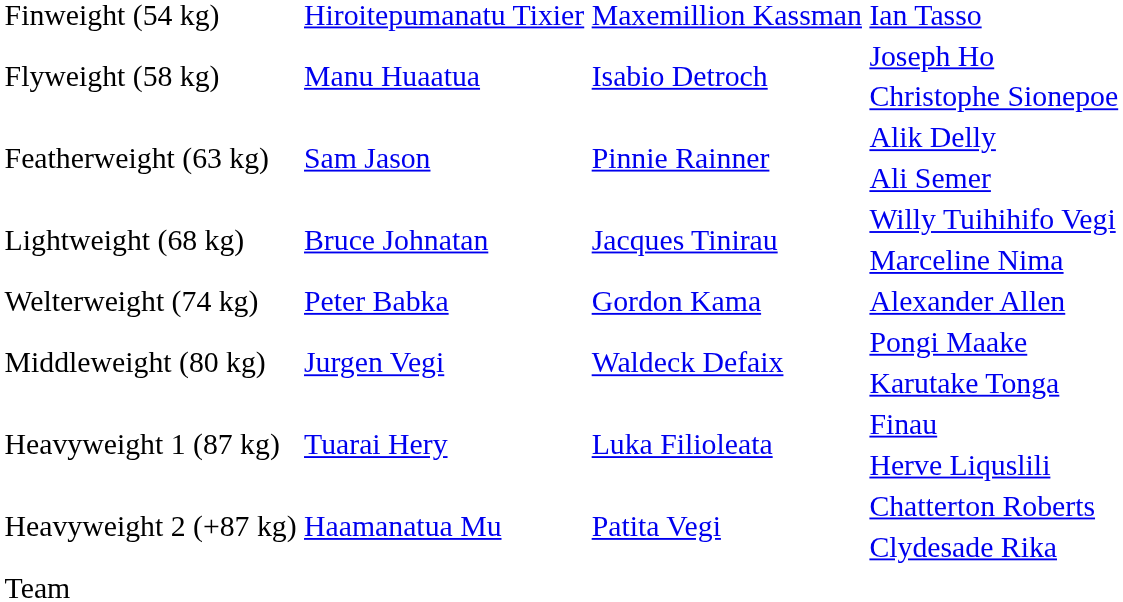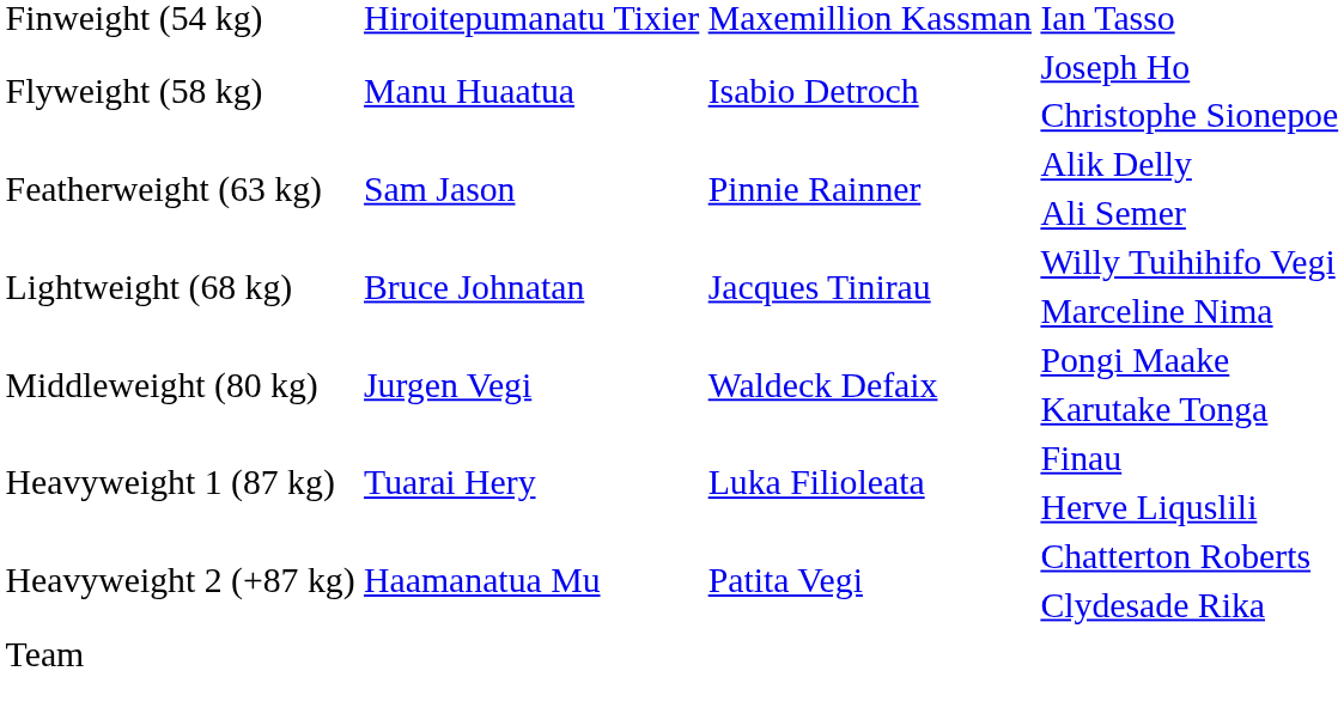 <table>
 <tr>
 <td>Finweight (54 kg)</td>
 <td><a href='#'>Hiroitepumanatu Tixier</a><br></td>
 <td><a href='#'>Maxemillion Kassman</a><br></td>
 <td><a href='#'>Ian Tasso</a><br></td>
 </tr>
 <tr>
 <td rowspan=2>Flyweight (58 kg)</td>
 <td rowspan=2><a href='#'>Manu Huaatua</a><br></td>
 <td rowspan=2><a href='#'>Isabio Detroch</a><br></td>
 <td><a href='#'>Joseph Ho</a><br></td>
 </tr>
 <tr>
 <td><a href='#'>Christophe Sionepoe</a><br></td>
 </tr>
 <tr>
 <td rowspan=2>Featherweight (63 kg)</td>
 <td rowspan=2><a href='#'>Sam Jason</a><br></td>
 <td rowspan=2><a href='#'>Pinnie Rainner</a><br></td>
 <td><a href='#'>Alik Delly</a><br></td>
 </tr>
 <tr>
 <td><a href='#'>Ali Semer</a><br></td>
 </tr>
 <tr>
 <td rowspan=2>Lightweight (68 kg)</td>
 <td rowspan=2><a href='#'>Bruce Johnatan</a><br></td>
 <td rowspan=2><a href='#'>Jacques Tinirau</a><br></td>
 <td><a href='#'>Willy Tuihihifo Vegi</a><br></td>
 </tr>
 <tr>
 <td><a href='#'>Marceline Nima</a><br></td>
-</tr>
-<tr>
-<td>Welterweight (74 kg)</td>
-<td><a href='#'>Peter Babka</a><br></td>
-<td><a href='#'>Gordon Kama</a><br></td>
-<td><a href='#'>Alexander Allen</a><br></td>
 </tr>
 <tr>
 <td rowspan=2>Middleweight (80 kg)</td>
 <td rowspan=2><a href='#'>Jurgen Vegi</a><br></td>
 <td rowspan=2><a href='#'>Waldeck Defaix</a><br></td>
 <td><a href='#'>Pongi Maake</a><br></td>
 </tr>
 <tr>
 <td><a href='#'>Karutake Tonga</a><br></td>
 </tr>
 <tr>
 <td rowspan=2>Heavyweight 1 (87 kg)</td>
 <td rowspan=2><a href='#'>Tuarai Hery</a><br></td>
 <td rowspan=2><a href='#'>Luka Filioleata</a><br></td>
 <td><a href='#'>Finau</a><br></td>
 </tr>
 <tr>
 <td><a href='#'>Herve Liquslili</a><br></td>
 </tr>
 <tr>
 <td rowspan=2>Heavyweight 2 (+87 kg)</td>
 <td rowspan=2><a href='#'>Haamanatua Mu</a><br></td>
 <td rowspan=2><a href='#'>Patita Vegi</a><br></td>
 <td><a href='#'>Chatterton Roberts</a><br></td>
 </tr>
 <tr>
 <td><a href='#'>Clydesade Rika</a><br></td>
 </tr>
 <tr>
 <td rowspan=2>Team</td>
 <td rowspan=2></td>
 <td rowspan=2></td>
 <td></td>
 </tr>
 <tr>
 <td></td>
 </tr>
 </table>
